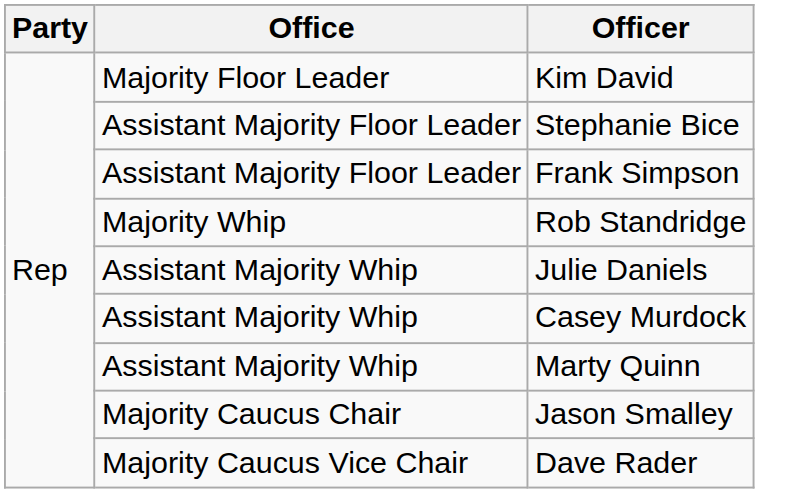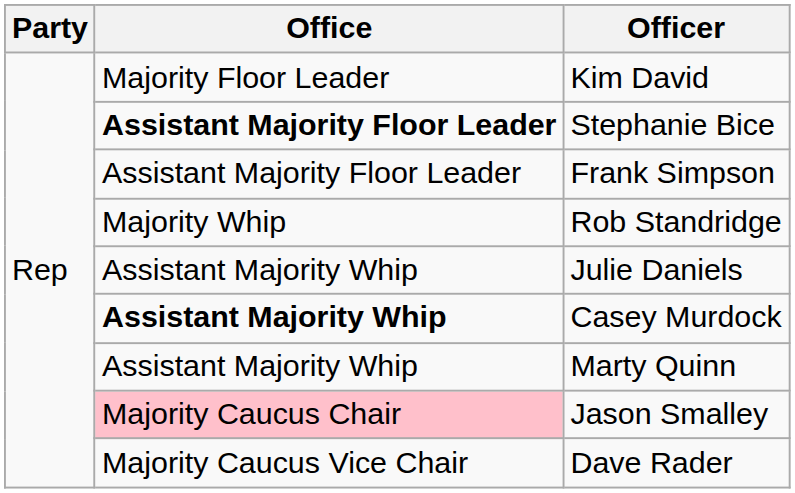 <table class=wikitable>
 <tr>
 <th>Party</th>
 <th>Office</th>
 <th>Officer</th>
 </tr>
 <tr>
 <td rowspan=11 style="background: ">Rep</td>
 <td>Majority Floor Leader</td>
 <td>Kim David</td>
 </tr>
 <tr>
-<td>Assistant Majority Floor Leader</td>
+<td><strong>Assistant Majority Floor Leader</strong></td>
 <td>Stephanie Bice</td>
 </tr>
 <tr>
 <td>Assistant Majority Floor Leader</td>
 <td>Frank Simpson</td>
 </tr>
 <tr>
 <td>Majority Whip</td>
 <td>Rob Standridge</td>
 </tr>
 <tr>
 <td>Assistant Majority Whip</td>
 <td>Julie Daniels</td>
 </tr>
 <tr>
-<td>Assistant Majority Whip</td>
+<td><strong>Assistant Majority Whip</strong></td>
 <td>Casey Murdock</td>
 </tr>
 <tr>
 <td>Assistant Majority Whip</td>
 <td>Marty Quinn</td>
 </tr>
 <tr>
-<td>Majority Caucus Chair</td>
+<td style="background: pink;">Majority Caucus Chair</td>
 <td>Jason Smalley</td>
 </tr>
 <tr>
 <td>Majority Caucus Vice Chair</td>
 <td>Dave Rader</td>
 </tr>
 </table>
